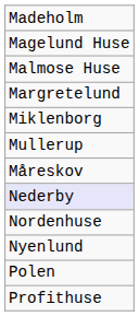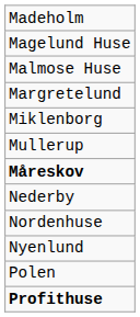 <table class="wikitable" style="float:left; margin-right:1em">
 <tr>
 <td>Madeholm</td>
 </tr>
 <tr>
 <td>Magelund Huse</td>
 </tr>
 <tr>
 <td>Malmose Huse</td>
 </tr>
 <tr>
 <td>Margretelund</td>
 </tr>
 <tr>
 <td>Miklenborg</td>
 </tr>
 <tr>
 <td>Mullerup</td>
 </tr>
 <tr>
-<td>Måreskov</td>
+<td><strong>Måreskov</strong></td>
 </tr>
 <tr>
-<td style="background: lavender;">Nederby</td>
+<td>Nederby</td>
 </tr>
 <tr>
 <td>Nordenhuse</td>
 </tr>
 <tr>
 <td>Nyenlund</td>
 </tr>
 <tr>
 <td>Polen</td>
 </tr>
 <tr>
-<td>Profithuse</td>
+<td><strong>Profithuse</strong></td>
 </tr>
 </table>
